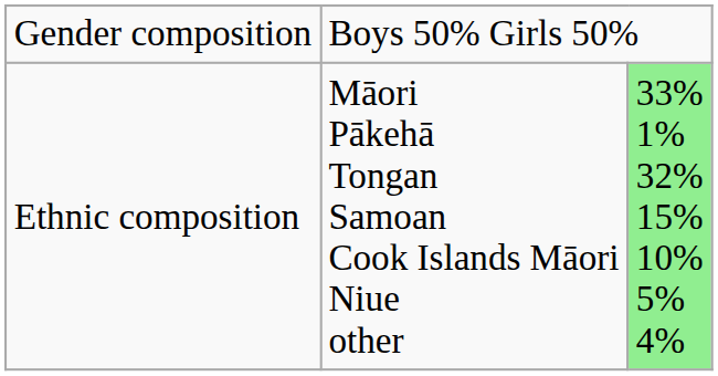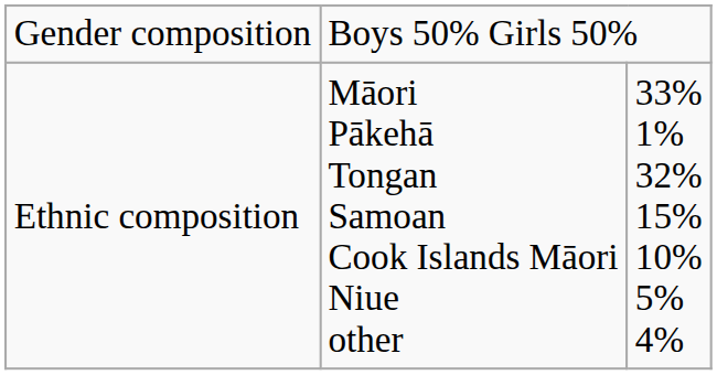 <table class="wikitable">
 <tr>
 <td>Gender composition</td>
 <td colspan="2">Boys 50% Girls 50%</td>
 </tr>
 <tr>
 <td>Ethnic composition</td>
 <td>Māori<br>Pākehā<br>Tongan<br>Samoan<br>Cook Islands Māori<br>Niue<br>other</td>
-<td style="background: lightgreen;">33%<br>1%<br>32%<br>15%<br>10%<br>5%<br>4%</td>
+<td>33%<br>1%<br>32%<br>15%<br>10%<br>5%<br>4%</td>
 </tr>
 </table>
